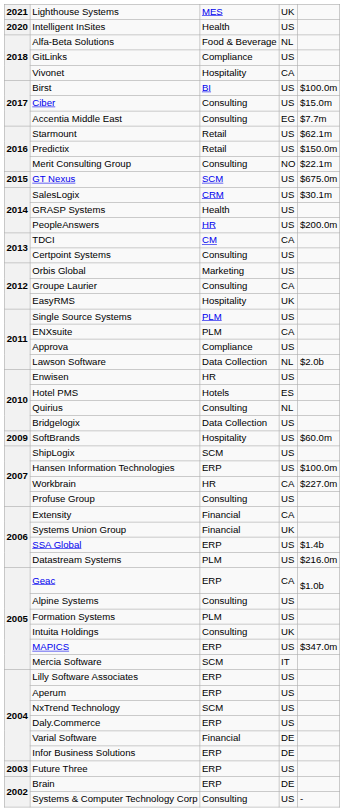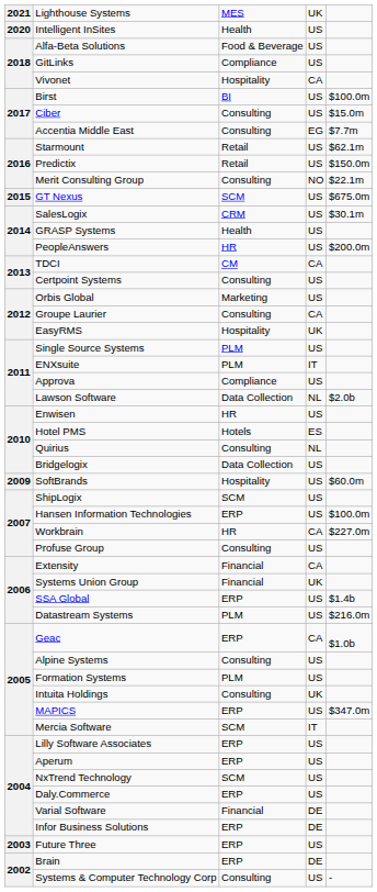 <table class="wikitable">
 <tr>
 <th>2021</th>
 <td>Lighthouse Systems</td>
 <td><a href='#'>MES</a></td>
 <td>UK</td>
 <td></td>
 </tr>
 <tr>
 <th>2020</th>
 <td>Intelligent InSites</td>
 <td>Health</td>
 <td>US</td>
 <td></td>
 </tr>
 <tr>
 <th rowspan=3>2018</th>
 <td>Alfa-Beta Solutions</td>
 <td>Food & Beverage</td>
-<td>NL</td>
+<td>US</td>
 <td></td>
 </tr>
 <tr>
 <td>GitLinks</td>
 <td>Compl­iance</td>
 <td>US</td>
 <td></td>
 </tr>
 <tr>
 <td>Vivonet</td>
 <td>Hospit­ality</td>
 <td>CA</td>
 <td></td>
 </tr>
 <tr>
 <th rowspan=3>2017</th>
 <td>Birst</td>
 <td><a href='#'>BI</a></td>
 <td>US</td>
 <td>$100.0m</td>
 </tr>
 <tr>
 <td><a href='#'>Ciber</a></td>
 <td>Consu­lting</td>
 <td>US</td>
 <td>$15.0m</td>
 </tr>
 <tr>
 <td>Accentia Middle East</td>
 <td>Consu­lting</td>
 <td>EG</td>
 <td>$7.7m</td>
 </tr>
 <tr>
 <th rowspan=3>2016</th>
 <td>Starmount­</td>
 <td>Retail</td>
 <td>US</td>
 <td>$62.1m</td>
 </tr>
 <tr>
 <td>Predictix</td>
 <td>Retail</td>
 <td>US</td>
 <td>$150.0m</td>
 </tr>
 <tr>
 <td>Merit Consulting Group</td>
 <td>Consu­lting</td>
 <td>NO</td>
 <td>$22.1m</td>
 </tr>
 <tr>
 <th>2015</th>
 <td><a href='#'>GT Nexus</a></td>
 <td><a href='#'>SCM</a></td>
 <td>US</td>
 <td>$675.0m</td>
 </tr>
 <tr>
 <th rowspan=3>2014</th>
 <td>SalesLogix</td>
 <td><a href='#'>CRM</a></td>
 <td>US</td>
 <td>$30.1m</td>
 </tr>
 <tr>
 <td>GRASP Systems</td>
 <td>Health</td>
 <td>US</td>
 <td></td>
 </tr>
 <tr>
 <td>People­Answers</td>
 <td><a href='#'>HR</a></td>
 <td>US</td>
 <td>$200.0m</td>
 </tr>
 <tr>
 <th rowspan=2>2013</th>
 <td>TDCI</td>
 <td><a href='#'>CM</a></td>
 <td>CA</td>
 <td></td>
 </tr>
 <tr>
 <td>Certpoint Systems</td>
 <td>Consu­lting</td>
 <td>US</td>
 <td></td>
 </tr>
 <tr>
 <th rowspan=3>2012</th>
 <td>Orbis Global</td>
 <td>Marketing</td>
 <td>US</td>
 <td></td>
 </tr>
 <tr>
 <td>Groupe Laurier</td>
 <td>Consu­lting</td>
 <td>CA</td>
 <td></td>
 </tr>
 <tr>
 <td>EasyRMS</td>
 <td>Hospit­ality</td>
 <td>UK</td>
 <td></td>
 </tr>
 <tr>
 <th rowspan=4>2011</th>
 <td>Single Source Systems</td>
 <td><a href='#'>PLM</a></td>
 <td>US</td>
 <td></td>
 </tr>
 <tr>
 <td>ENXsuite</td>
 <td>PLM</td>
-<td>CA</td>
+<td>IT</td>
 <td></td>
 </tr>
 <tr>
 <td>Approva</td>
 <td>Compl­iance</td>
 <td>US</td>
 <td></td>
 </tr>
 <tr>
 <td>Lawson Software</td>
 <td>Data Colle­ction</td>
 <td>NL</td>
 <td>$2.0b</td>
 </tr>
 <tr>
 <th rowspan=4>2010</th>
 <td>Enwisen</td>
 <td>HR</td>
 <td>US</td>
 <td></td>
 </tr>
 <tr>
 <td>Hotel PMS</td>
 <td>Hotels</td>
 <td>ES</td>
 <td></td>
 </tr>
 <tr>
 <td>Quirius</td>
 <td>Consu­lting</td>
 <td>NL</td>
 <td></td>
 </tr>
 <tr>
 <td>Bridgelogix</td>
 <td>Data Colle­ction</td>
 <td>US</td>
 <td></td>
 </tr>
 <tr>
 <th>2009</th>
 <td>Soft­Brands</td>
 <td>Hospit­ality</td>
 <td>US</td>
 <td>$60.0m</td>
 </tr>
 <tr>
 <th rowspan=4>2007</th>
 <td>ShipLogix</td>
 <td>SCM</td>
 <td>US</td>
 <td></td>
 </tr>
 <tr>
 <td>Hansen Information Techno­logies</td>
 <td>ERP</td>
 <td>US</td>
 <td>$100.0m</td>
 </tr>
 <tr>
 <td>Workbrain</td>
 <td>HR</td>
 <td>CA</td>
 <td>$227.0m</td>
 </tr>
 <tr>
 <td>Profuse Group</td>
 <td>Consu­lting</td>
 <td>US</td>
 <td></td>
 </tr>
 <tr>
 <th rowspan=4>2006</th>
 <td>Extensity</td>
 <td>Fina­ncial</td>
 <td>CA</td>
 <td></td>
 </tr>
 <tr>
 <td>Systems Union Group</td>
 <td>Fina­ncial</td>
 <td>UK</td>
 <td></td>
 </tr>
 <tr>
 <td><a href='#'>SSA Global</a></td>
 <td>ERP</td>
 <td>US</td>
 <td>$1.4b</td>
 </tr>
 <tr>
 <td>Datastream Systems</td>
 <td>PLM</td>
 <td>US</td>
 <td>$216.0m</td>
 </tr>
 <tr>
 <th rowspan=6>2005</th>
 <td><a href='#'>Geac</a></td>
 <td>ERP</td>
 <td>CA</td>
 <td><br>$1.0b</td>
 </tr>
 <tr>
 <td>Alpine Systems</td>
 <td>Consu­lting</td>
 <td>US</td>
 <td></td>
 </tr>
 <tr>
 <td>Formation Systems</td>
 <td>PLM</td>
 <td>US</td>
 <td></td>
 </tr>
 <tr>
 <td>Intuita Holdings</td>
 <td>Consu­lting</td>
 <td>UK</td>
 <td></td>
 </tr>
 <tr>
 <td><a href='#'>MAPICS</a></td>
 <td>ERP</td>
 <td>US</td>
 <td>$347.0m</td>
 </tr>
 <tr>
 <td>Mercia Software</td>
 <td>SCM</td>
 <td>IT</td>
 <td></td>
 </tr>
 <tr>
 <th rowspan=6>2004</th>
 <td>Lilly Software Associates</td>
 <td>ERP</td>
 <td>US</td>
 <td></td>
 </tr>
 <tr>
 <td>Aperum</td>
 <td>ERP</td>
 <td>US</td>
 <td></td>
 </tr>
 <tr>
 <td>NxTrend Technology</td>
 <td>SCM</td>
 <td>US</td>
 <td></td>
 </tr>
 <tr>
 <td>Daly.­Commerce</td>
 <td>ERP</td>
 <td>US</td>
 <td></td>
 </tr>
 <tr>
 <td>Varial Software</td>
 <td>Fina­ncial</td>
 <td>DE</td>
 <td></td>
 </tr>
 <tr>
 <td>Infor Business Solutions</td>
 <td>ERP</td>
 <td>DE</td>
 <td></td>
 </tr>
 <tr>
 <th>2003</th>
 <td>Future Three</td>
 <td>ERP</td>
 <td>US</td>
 <td></td>
 </tr>
 <tr>
 <th rowspan=2>2002</th>
 <td>Brain</td>
 <td>ERP</td>
 <td>DE</td>
 <td></td>
 </tr>
 <tr>
 <td>Systems & Computer Technology Corp</td>
 <td>Consu­lting</td>
 <td>US</td>
 <td>-</td>
 </tr>
 </table>
